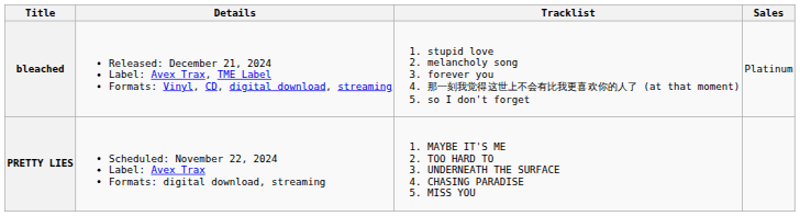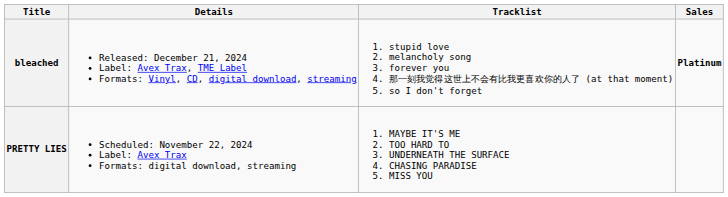 <table class="wikitable">
 <tr>
 <th>Title</th>
 <th>Details</th>
 <th>Tracklist</th>
 <th>Sales</th>
 </tr>
 <tr>
 <th>bleached<br></th>
 <td><br><ul><li>Released: December 21, 2024</li><li>Label: <a href='#'>Avex Trax</a>, <a href='#'>TME Label</a></li><li>Formats: <a href='#'>Vinyl</a>, <a href='#'>CD</a>, <a href='#'>digital download</a>, <a href='#'>streaming</a></li></ul></td>
 <td><br><ol><li>stupid love</li><li>melancholy song</li><li>forever you</li><li>那一刻我觉得这世上不会有比我更喜欢你的人了 (at that moment)</li><li>so I don't forget</li></ol></td>
-<td>Platinum</td>
+<td><strong>Platinum</strong></td>
 </tr>
 <tr>
 <th>PRETTY LIES<br></th>
 <td><br><ul><li>Scheduled: November 22, 2024</li><li>Label: <a href='#'>Avex Trax</a></li><li>Formats: digital download, streaming</li></ul></td>
 <td><br><ol><li>MAYBE IT'S ME</li><li>TOO HARD TO</li><li>UNDERNEATH THE SURFACE</li><li>CHASING PARADISE</li><li>MISS YOU</li></ol></td>
 </tr>
 </table>
